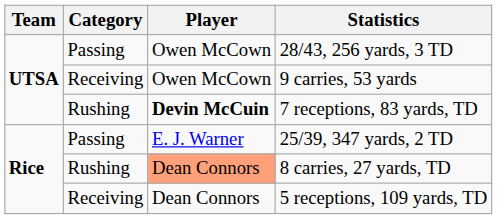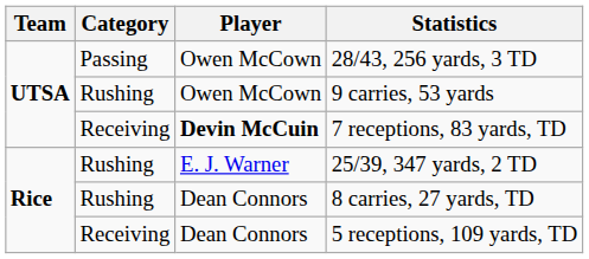 <table class="wikitable" style="float: right;">
 <tr>
 <th>Team</th>
 <th>Category</th>
 <th>Player</th>
 <th>Statistics</th>
 </tr>
 <tr>
 <td rowspan=3><strong>UTSA</strong></td>
 <td>Passing</td>
 <td>Owen McCown</td>
 <td>28/43, 256 yards, 3 TD</td>
 </tr>
 <tr>
-<td>Receiving</td>
+<td>Rushing</td>
 <td>Owen McCown</td>
 <td>9 carries, 53 yards</td>
 </tr>
 <tr>
-<td>Rushing</td>
+<td>Receiving</td>
 <td><strong>Devin McCuin</strong></td>
 <td>7 receptions, 83 yards, TD</td>
 </tr>
 <tr>
 <td rowspan=3><strong>Rice</strong></td>
-<td>Passing</td>
+<td>Rushing</td>
 <td><a href='#'>E. J. Warner</a></td>
 <td>25/39, 347 yards, 2 TD</td>
 </tr>
 <tr>
 <td>Rushing</td>
-<td style="background: lightsalmon;">Dean Connors</td>
+<td>Dean Connors</td>
 <td>8 carries, 27 yards, TD</td>
 </tr>
 <tr>
 <td>Receiving</td>
 <td>Dean Connors</td>
 <td>5 receptions, 109 yards, TD</td>
 </tr>
 </table>
